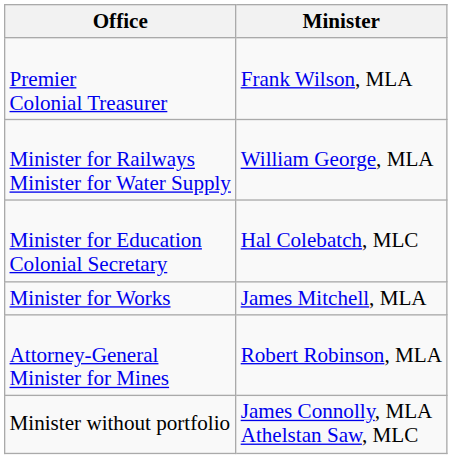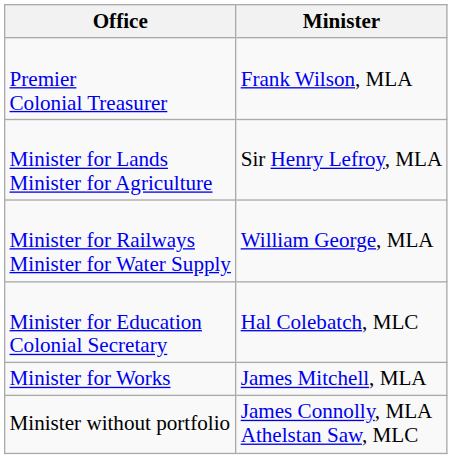 <table class="wikitable">
 <tr>
 <th>Office</th>
 <th>Minister</th>
 </tr>
 <tr>
 <td><br><a href='#'>Premier</a><br> <a href='#'>Colonial Treasurer</a><br></td>
 <td><a href='#'>Frank Wilson</a>, MLA</td>
+</tr>
+<tr>
+<td><br><a href='#'>Minister for Lands</a><br> <a href='#'>Minister for Agriculture</a><br></td>
+<td>Sir <a href='#'>Henry Lefroy</a>, MLA</td>
 </tr>
 <tr>
 <td><br><a href='#'>Minister for Railways</a><br> <a href='#'>Minister for Water Supply</a><br></td>
 <td><a href='#'>William George</a>, MLA</td>
 </tr>
 <tr>
 <td><br><a href='#'>Minister for Education</a><br> <a href='#'>Colonial Secretary</a><br></td>
 <td><a href='#'>Hal Colebatch</a>, MLC</td>
 </tr>
 <tr>
 <td><a href='#'>Minister for Works</a></td>
 <td><a href='#'>James Mitchell</a>, MLA</td>
 </tr>
 <tr>
-<td><br><a href='#'>Attorney-General</a><br> <a href='#'>Minister for Mines</a><br></td>
-<td><a href='#'>Robert Robinson</a>, MLA</td>
-</tr>
-<tr>
 <td>Minister without portfolio</td>
 <td><a href='#'>James Connolly</a>, MLA<br><a href='#'>Athelstan Saw</a>, MLC</td>
 </tr>
 </table>
